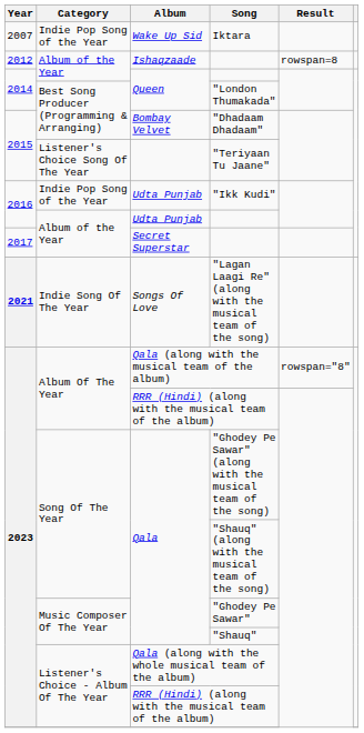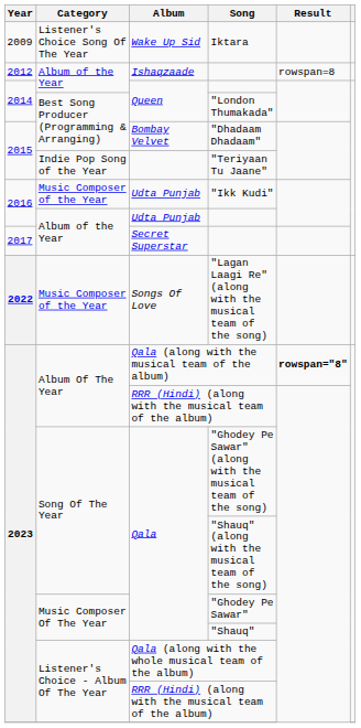 <table width="70%" class="wikitable plainrowheaders sortable">
 <tr>
 <th width="10%">Year</th>
 <th width="40%">Category</th>
 <th width="35%">Album</th>
 <th width="35%">Song</th>
 <th width="15%">Result</th>
 <th scope="col" class="unsortable"></th>
 </tr>
 <tr>
-<td>2007</td>
-<td>Indie Pop Song of the Year</td>
+<td>2009</td>
+<td>Listener's Choice Song Of The Year</td>
 <td><em><a href='#'>Wake Up Sid</a></em></td>
 <td>Iktara</td>
 <td></td>
 <td></td>
 </tr>
 <tr>
 <td><a href='#'>2012</a></td>
 <td rowspan=2><a href='#'>Album of the Year</a></td>
 <td><em><a href='#'>Ishaqzaade</a></em></td>
 <td></td>
 <td>rowspan=8 </td>
 <td></td>
 </tr>
 <tr>
 <td rowspan=2><a href='#'>2014</a></td>
 <td rowspan="2"><em><a href='#'>Queen</a></em></td>
 <td></td>
 <td rowspan=2></td>
 </tr>
 <tr>
 <td rowspan=2>Best Song Producer (Programming & Arranging)</td>
 <td>"London Thumakada"</td>
 </tr>
 <tr>
 <td rowspan=2><a href='#'>2015</a></td>
 <td><em><a href='#'>Bombay Velvet</a></em></td>
 <td>"Dhadaam Dhadaam"</td>
 <td rowspan=2></td>
 </tr>
 <tr>
-<td>Listener's Choice Song Of The Year</td>
+<td>Indie Pop Song of the Year</td>
 <td></td>
 <td>"Teriyaan Tu Jaane"</td>
 </tr>
 <tr>
 <td rowspan=2><a href='#'>2016</a></td>
-<td>Indie Pop Song of the Year</td>
+<td><a href='#'>Music Composer of the Year</a></td>
 <td><em><a href='#'>Udta Punjab</a></em></td>
 <td>"Ikk Kudi"</td>
 <td rowspan=2></td>
 </tr>
 <tr>
 <td rowspan=2>Album of the Year</td>
 <td><em><a href='#'>Udta Punjab</a></em></td>
 <td></td>
 </tr>
 <tr>
 <td><a href='#'>2017</a></td>
 <td><em><a href='#'>Secret Superstar</a></em></td>
 <td></td>
 <td></td>
 </tr>
 <tr>
-<th scope="row"><a href='#'>2021</a></th>
-<td>Indie Song Of The Year</td>
+<th scope="row"><a href='#'>2022</a></th>
+<td><a href='#'>Music Composer of the Year</a></td>
 <td><em>Songs Of Love</em></td>
 <td>"Lagan Laagi Re" (along with the musical team of the song)</td>
 <td></td>
 <td></td>
 </tr>
 <tr>
 <th scope="row" rowspan="8"><strong>2023</strong></th>
 <td rowspan="2">Album Of The Year</td>
 <td colspan="2"><em><a href='#'>Qala</a></em> (along with the musical team of the album)</td>
-<td>rowspan="8" </td>
+<td><strong>rowspan="8" </strong></td>
 <td rowspan="8"></td>
 </tr>
 <tr>
 <td colspan="2"><em><a href='#'>RRR (Hindi)</a></em> (along with the musical team of the album)</td>
 </tr>
 <tr>
 <td rowspan="2">Song Of The Year</td>
 <td rowspan="4"><em><a href='#'>Qala</a></em></td>
 <td>"Ghodey Pe Sawar" (along with the musical team of the song)</td>
 </tr>
 <tr>
 <td>"Shauq" (along with the musical team of the song)</td>
 </tr>
 <tr>
 <td rowspan="2">Music Composer Of The Year</td>
 <td>"Ghodey Pe Sawar"</td>
 </tr>
 <tr>
 <td>"Shauq"</td>
 </tr>
 <tr>
 <td rowspan="2">Listener's Choice - Album Of The Year</td>
 <td colspan="2"><em><a href='#'>Qala</a></em> (along with the whole musical team of the album)</td>
 </tr>
 <tr>
 <td colspan="2"><em><a href='#'>RRR (Hindi)</a></em> (along with the musical team of the album)</td>
 </tr>
 <tr>
 </tr>
 </table>
